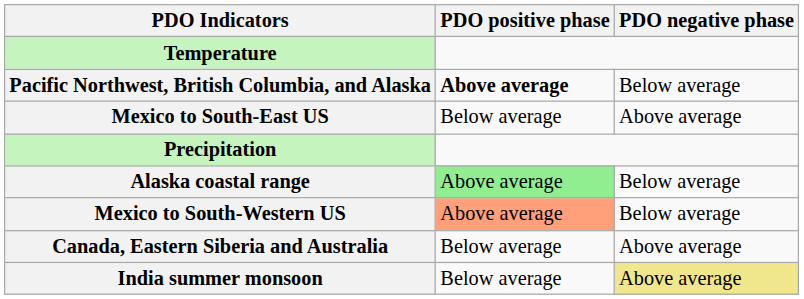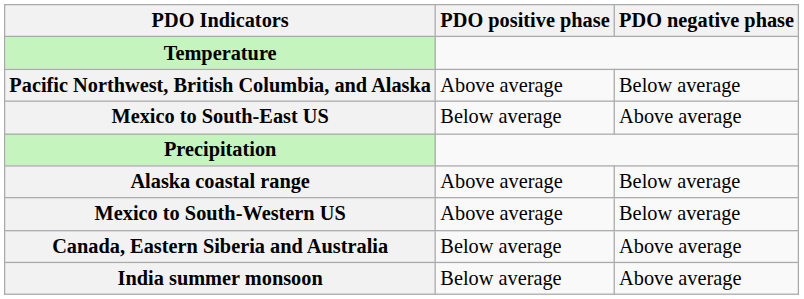 <table class="wikitable">
 <tr>
 <th>PDO Indicators</th>
 <th>PDO positive phase</th>
 <th>PDO negative phase</th>
 </tr>
 <tr>
 <th colspan="1" style="background: #c5f4be;">Temperature</th>
 </tr>
 <tr>
 <th scope="row">Pacific Northwest, British Columbia, and Alaska</th>
-<td><strong>Above average</strong></td>
+<td>Above average</td>
 <td>Below average</td>
 </tr>
 <tr>
 <th scope="row">Mexico to South-East US</th>
 <td>Below average</td>
 <td>Above average</td>
 </tr>
 <tr>
 <th colspan="1" style="background: #c5f4be;">Precipitation</th>
 </tr>
 <tr>
 <th scope="row">Alaska coastal range</th>
-<td style="background: lightgreen;">Above average</td>
+<td>Above average</td>
 <td>Below average</td>
 </tr>
 <tr>
 <th scope="row">Mexico to South-Western US</th>
-<td style="background: lightsalmon;">Above average</td>
+<td>Above average</td>
 <td>Below average</td>
 </tr>
 <tr>
 <th scope="row">Canada, Eastern Siberia and Australia</th>
 <td>Below average</td>
 <td>Above average</td>
 </tr>
 <tr>
 <th scope="row">India summer monsoon</th>
 <td>Below average</td>
-<td style="background: khaki;">Above average</td>
+<td>Above average</td>
 </tr>
 </table>
